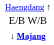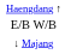 <table style="text-align:center;">
 <tr>
 <td><small> <a href='#'>Haengdang</a> ↑</small></td>
 </tr>
 <tr>
 <td><span>E/B</span>   <span>W/B</span></td>
 </tr>
 <tr>
-<td><strong><small>↓ <a href='#'>Majang</a> </small></strong></td>
+<td><small>↓ <a href='#'>Majang</a> </small></td>
 </tr>
 </table>
